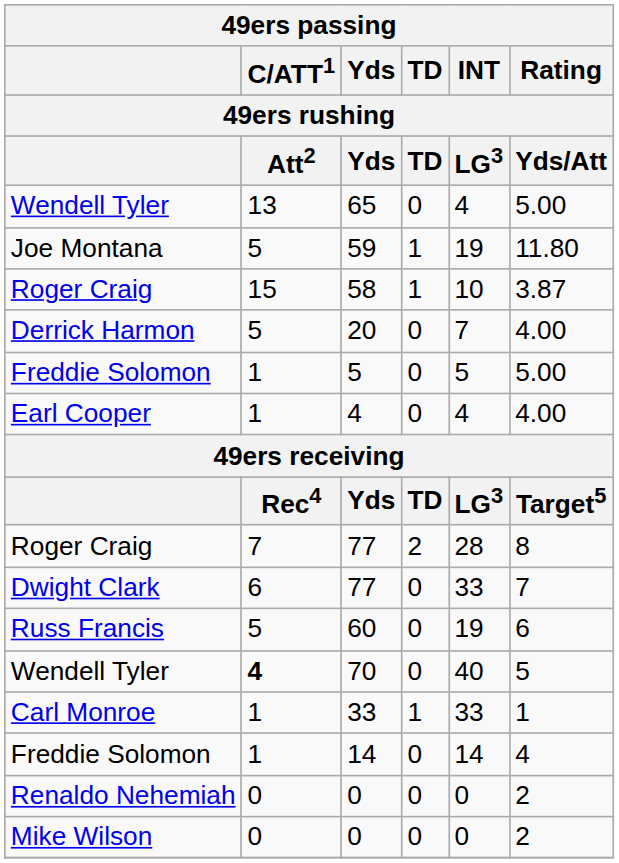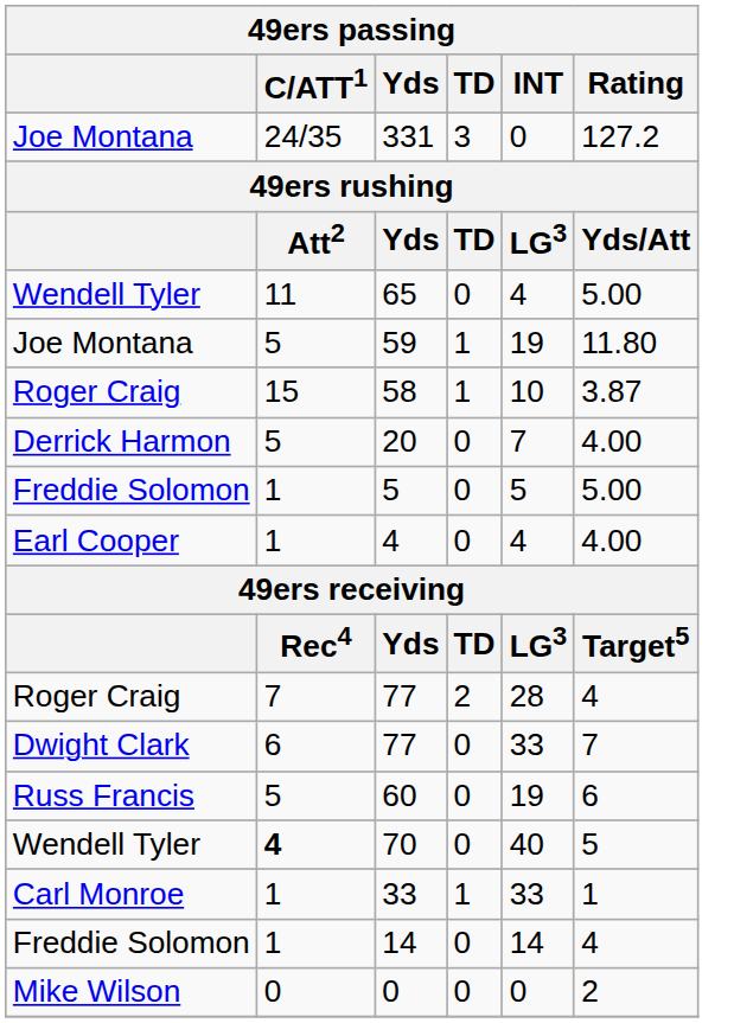 <table class="wikitable">
 <tr>
 <th colspan="6">49ers passing</th>
 </tr>
 <tr>
 <th></th>
 <th>C/ATT<sup>1</sup></th>
 <th>Yds</th>
 <th>TD</th>
 <th>INT</th>
 <th>Rating</th>
+</tr>
+<tr>
+<td><a href='#'>Joe Montana</a></td>
+<td>24/35</td>
+<td>331</td>
+<td>3</td>
+<td>0</td>
+<td>127.2</td>
 </tr>
 <tr>
 <th colspan="6">49ers rushing</th>
 </tr>
 <tr>
 <th></th>
 <th>Att<sup>2</sup></th>
 <th>Yds</th>
 <th>TD</th>
 <th>LG<sup>3</sup></th>
 <th>Yds/Att</th>
 </tr>
 <tr>
 <td><a href='#'>Wendell Tyler</a></td>
-<td>13</td>
+<td>11</td>
 <td>65</td>
 <td>0</td>
 <td>4</td>
 <td>5.00</td>
 </tr>
 <tr>
 <td>Joe Montana</td>
 <td>5</td>
 <td>59</td>
 <td>1</td>
 <td>19</td>
 <td>11.80</td>
 </tr>
 <tr>
 <td><a href='#'>Roger Craig</a></td>
 <td>15</td>
 <td>58</td>
 <td>1</td>
 <td>10</td>
 <td>3.87</td>
 </tr>
 <tr>
 <td><a href='#'>Derrick Harmon</a></td>
 <td>5</td>
 <td>20</td>
 <td>0</td>
 <td>7</td>
 <td>4.00</td>
 </tr>
 <tr>
 <td><a href='#'>Freddie Solomon</a></td>
 <td>1</td>
 <td>5</td>
 <td>0</td>
 <td>5</td>
 <td>5.00</td>
 </tr>
 <tr>
 <td><a href='#'>Earl Cooper</a></td>
 <td>1</td>
 <td>4</td>
 <td>0</td>
 <td>4</td>
 <td>4.00</td>
 </tr>
 <tr>
 <th colspan="6">49ers receiving</th>
 </tr>
 <tr>
 <th></th>
 <th>Rec<sup>4</sup></th>
 <th>Yds</th>
 <th>TD</th>
 <th>LG<sup>3</sup></th>
 <th>Target<sup>5</sup></th>
 </tr>
 <tr>
 <td>Roger Craig</td>
 <td>7</td>
 <td>77</td>
 <td>2</td>
 <td>28</td>
-<td>8</td>
+<td>4</td>
 </tr>
 <tr>
 <td><a href='#'>Dwight Clark</a></td>
 <td>6</td>
 <td>77</td>
 <td>0</td>
 <td>33</td>
 <td>7</td>
 </tr>
 <tr>
 <td><a href='#'>Russ Francis</a></td>
 <td>5</td>
 <td>60</td>
 <td>0</td>
 <td>19</td>
 <td>6</td>
 </tr>
 <tr>
 <td>Wendell Tyler</td>
 <td><strong>4</strong></td>
 <td>70</td>
 <td>0</td>
 <td>40</td>
 <td>5</td>
 </tr>
 <tr>
 <td><a href='#'>Carl Monroe</a></td>
 <td>1</td>
 <td>33</td>
 <td>1</td>
 <td>33</td>
 <td>1</td>
 </tr>
 <tr>
 <td>Freddie Solomon</td>
 <td>1</td>
 <td>14</td>
 <td>0</td>
 <td>14</td>
 <td>4</td>
 </tr>
 <tr>
-<td><a href='#'>Renaldo Nehemiah</a></td>
-<td>0</td>
-<td>0</td>
-<td>0</td>
-<td>0</td>
-<td>2</td>
-</tr>
-<tr>
 <td><a href='#'>Mike Wilson</a></td>
 <td>0</td>
 <td>0</td>
 <td>0</td>
 <td>0</td>
 <td>2</td>
 </tr>
 <tr>
 </tr>
 </table>
